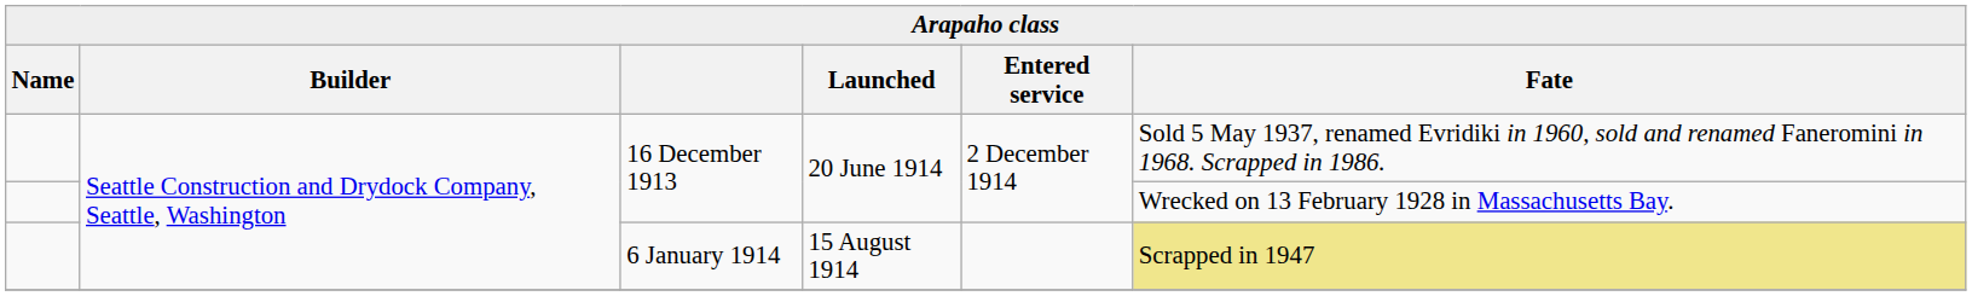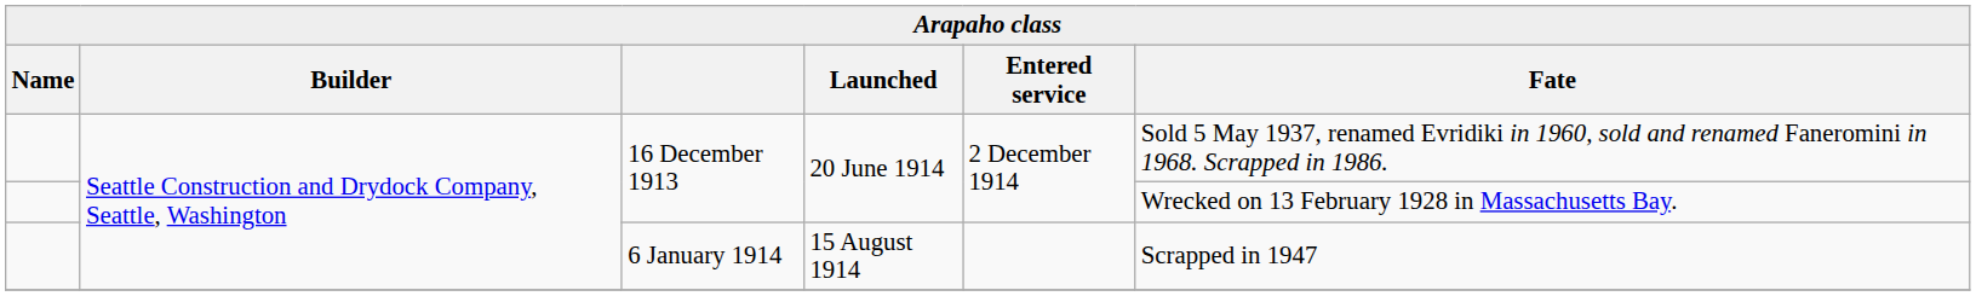 <table border="1" class="wikitable">
 <tr>
 <td colspan="6" style="background:#eee;" align=center><strong><em>Arapaho<em> class<strong></td>
 </tr>
 <tr>
 <th>Name</th>
 <th>Builder</th>
 <th></th>
 <th>Launched</th>
 <th>Entered service</th>
 <th>Fate</th>
 </tr>
 <tr>
 <td></td>
 <td rowspan=3><a href='#'>Seattle Construction and Drydock Company</a>, <a href='#'>Seattle</a>, <a href='#'>Washington</a></td>
 <td rowspan=2>16 December 1913</td>
 <td rowspan=2>20 June 1914</td>
 <td rowspan=2>2 December 1914</td>
 <td>Sold 5 May 1937, renamed </em>Evridiki<em> in 1960, sold and renamed </em>Faneromini<em> in 1968. Scrapped in 1986.</td>
 </tr>
 <tr>
 <td></td>
 <td>Wrecked on 13 February 1928 in <a href='#'>Massachusetts Bay</a>.</td>
 </tr>
 <tr>
 <td></td>
 <td>6 January 1914</td>
 <td>15 August 1914</td>
 <td></td>
-<td style="background: khaki;">Scrapped in 1947</td>
+<td>Scrapped in 1947</td>
 </tr>
 <tr>
 </tr>
 </table>
